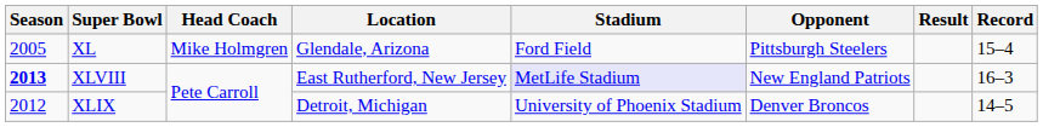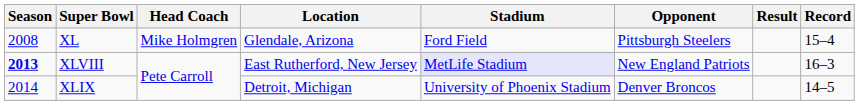 <table class="wikitable">
 <tr>
 <th>Season</th>
 <th>Super Bowl</th>
 <th>Head Coach</th>
 <th>Location</th>
 <th>Stadium</th>
 <th>Opponent</th>
 <th>Result</th>
 <th>Record</th>
 </tr>
 <tr>
-<td><a href='#'>2005</a></td>
+<td><a href='#'>2008</a></td>
 <td><a href='#'>XL</a></td>
 <td><a href='#'>Mike Holmgren</a></td>
 <td><a href='#'>Glendale, Arizona</a></td>
 <td><a href='#'>Ford Field</a></td>
 <td><a href='#'>Pittsburgh Steelers</a></td>
 <td></td>
 <td>15–4</td>
 </tr>
 <tr>
 <td><strong><a href='#'>2013</a></strong></td>
 <td><a href='#'>XLVIII</a></td>
 <td rowspan=2><a href='#'>Pete Carroll</a></td>
 <td><a href='#'>East Rutherford, New Jersey</a></td>
 <td style="background: lavender;"><a href='#'>MetLife Stadium</a></td>
 <td><a href='#'>New England Patriots</a></td>
 <td></td>
 <td>16–3</td>
 </tr>
 <tr>
-<td><a href='#'>2012</a></td>
+<td><a href='#'>2014</a></td>
 <td><a href='#'>XLIX</a></td>
 <td><a href='#'>Detroit, Michigan</a></td>
 <td><a href='#'>University of Phoenix Stadium</a></td>
 <td><a href='#'>Denver Broncos</a></td>
 <td></td>
 <td>14–5</td>
 </tr>
 </table>
